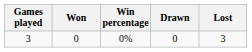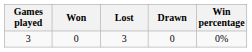 <table class="wikitable" style="text-align:center">
 <tr>
 <th width="70">Games played</th>
 <th width="70">Won</th>
+<th width="70">Lost</th>
+<th width="70">Drawn</th>
 <th width="70">Win percentage</th>
-<th width="70">Drawn</th>
-<th width="70">Lost</th>
 </tr>
 <tr>
 <td>3</td>
 <td>0</td>
+<td>3</td>
+<td>0</td>
 <td>0%</td>
-<td>0</td>
-<td>3</td>
 </tr>
 </table>
